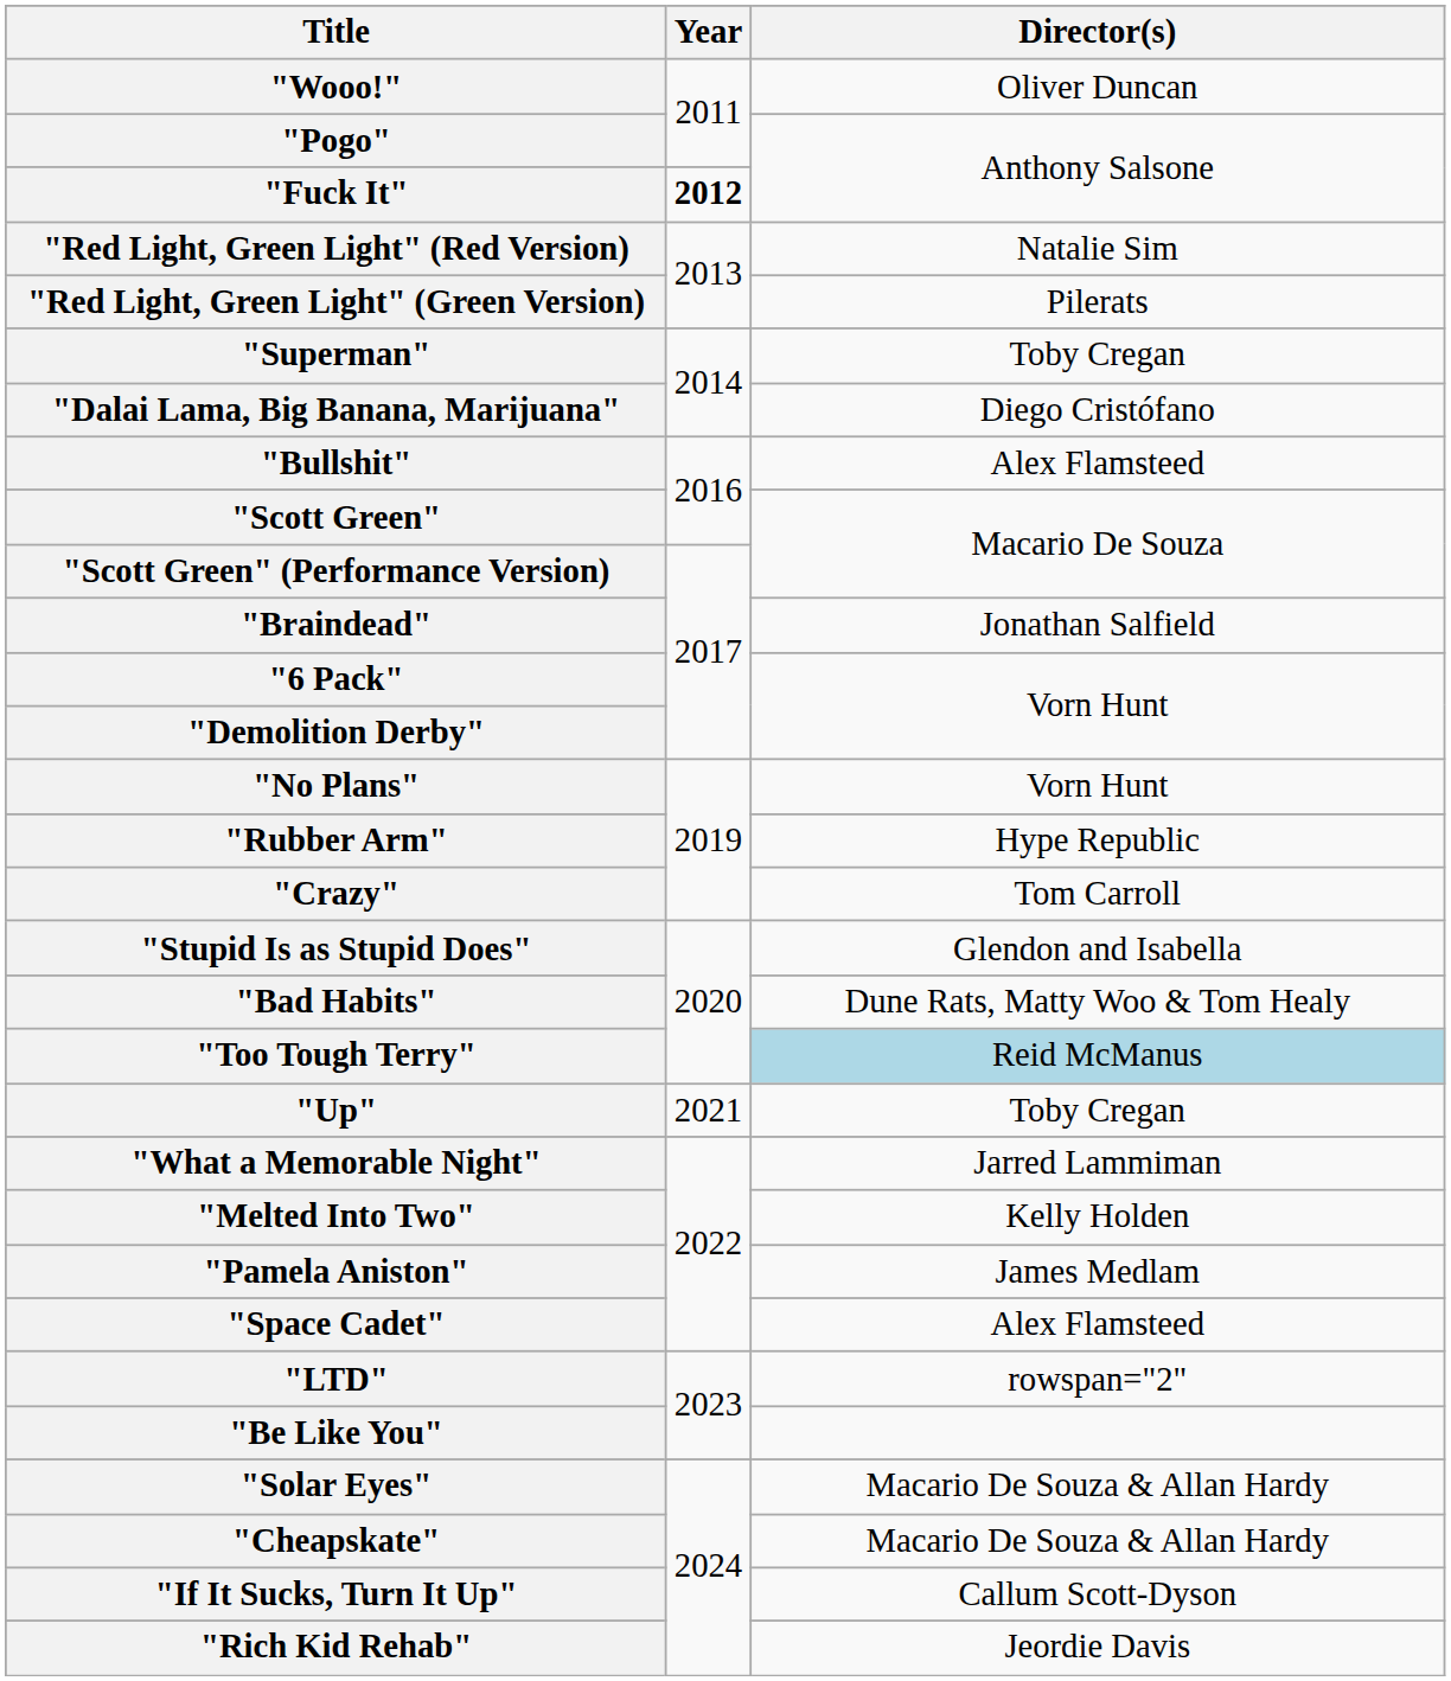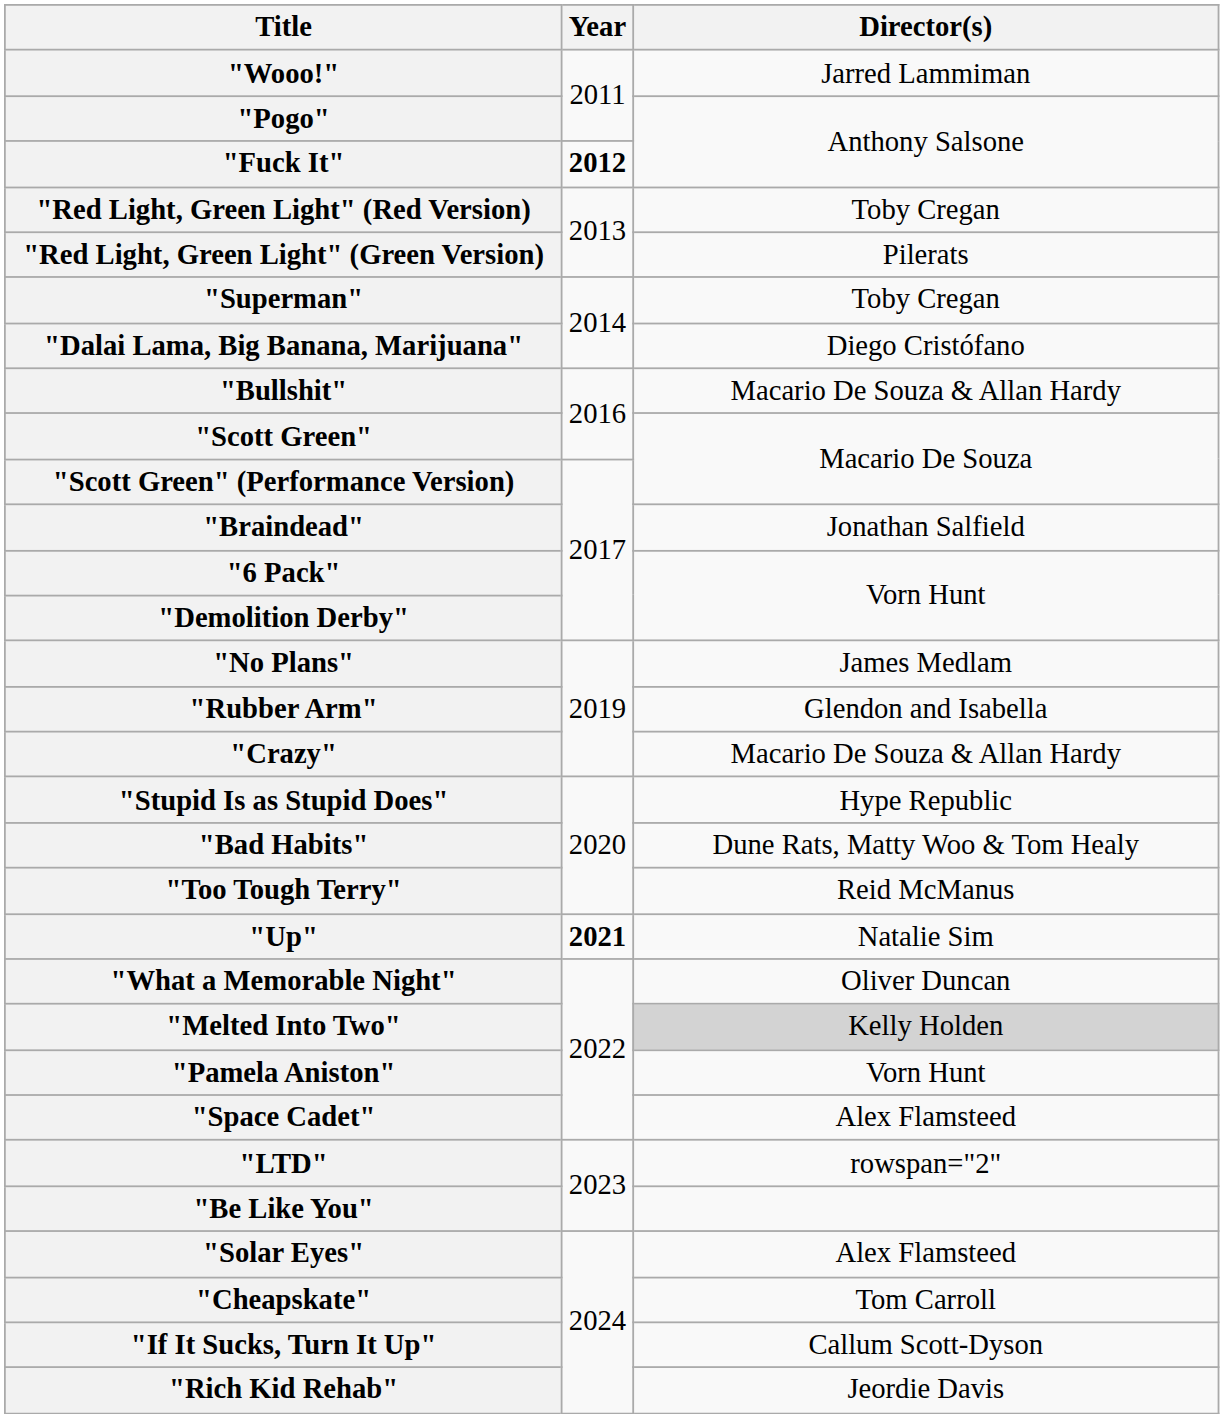 <table class="wikitable plainrowheaders" style="text-align:center;">
 <tr>
 <th scope="col" style="width:19em;">Title</th>
 <th scope="col" style="width:1em;">Year</th>
 <th scope="col" style="width:20em;">Director(s)</th>
 </tr>
 <tr>
 <th scope="row">"Wooo!"</th>
 <td rowspan="2">2011</td>
-<td>Oliver Duncan</td>
+<td>Jarred Lammiman</td>
 </tr>
 <tr>
 <th scope="row">"Pogo"</th>
 <td rowspan="2">Anthony Salsone</td>
 </tr>
 <tr>
 <th scope="row">"Fuck It"</th>
 <td><strong>2012</strong></td>
 </tr>
 <tr>
 <th scope="row">"Red Light, Green Light" (Red Version)</th>
 <td rowspan="2">2013</td>
-<td>Natalie Sim</td>
+<td>Toby Cregan</td>
 </tr>
 <tr>
 <th scope="row">"Red Light, Green Light" (Green Version)</th>
 <td>Pilerats</td>
 </tr>
 <tr>
 <th scope="row">"Superman"</th>
 <td rowspan="2">2014</td>
 <td>Toby Cregan</td>
 </tr>
 <tr>
 <th scope="row">"Dalai Lama, Big Banana, Marijuana"</th>
 <td>Diego Cristófano</td>
 </tr>
 <tr>
 <th scope="row">"Bullshit"</th>
 <td rowspan="2">2016</td>
-<td>Alex Flamsteed</td>
+<td>Macario De Souza & Allan Hardy</td>
 </tr>
 <tr>
 <th scope="row">"Scott Green"</th>
 <td rowspan="2">Macario De Souza</td>
 </tr>
 <tr>
 <th scope="row">"Scott Green" (Performance Version)</th>
 <td rowspan="4">2017</td>
 </tr>
 <tr>
 <th scope="row">"Braindead"</th>
 <td>Jonathan Salfield</td>
 </tr>
 <tr>
 <th scope="row">"6 Pack"</th>
 <td rowspan="2">Vorn Hunt</td>
 </tr>
 <tr>
 <th scope="row">"Demolition Derby"</th>
 </tr>
 <tr>
 <th scope="row">"No Plans"</th>
 <td rowspan="3">2019</td>
-<td>Vorn Hunt</td>
+<td>James Medlam</td>
 </tr>
 <tr>
 <th scope="row">"Rubber Arm"</th>
-<td>Hype Republic</td>
+<td>Glendon and Isabella</td>
 </tr>
 <tr>
 <th scope="row">"Crazy"</th>
-<td>Tom Carroll</td>
+<td>Macario De Souza & Allan Hardy</td>
 </tr>
 <tr>
 <th scope="row">"Stupid Is as Stupid Does"<br></th>
 <td rowspan="3">2020</td>
-<td>Glendon and Isabella</td>
+<td>Hype Republic</td>
 </tr>
 <tr>
 <th scope="row">"Bad Habits"</th>
 <td>Dune Rats, Matty Woo & Tom Healy</td>
 </tr>
 <tr>
 <th scope="row">"Too Tough Terry"</th>
-<td style="background: lightblue;">Reid McManus</td>
+<td>Reid McManus</td>
 </tr>
 <tr>
 <th scope="row">"Up"</th>
-<td>2021</td>
-<td>Toby Cregan</td>
+<td><strong>2021</strong></td>
+<td>Natalie Sim</td>
 </tr>
 <tr>
 <th scope="row">"What a Memorable Night"</th>
 <td rowspan="4">2022</td>
-<td>Jarred Lammiman</td>
+<td>Oliver Duncan</td>
 </tr>
 <tr>
 <th scope="row">"Melted Into Two"</th>
-<td>Kelly Holden</td>
+<td style="background: lightgrey;">Kelly Holden</td>
 </tr>
 <tr>
 <th scope="row">"Pamela Aniston"</th>
-<td>James Medlam</td>
+<td>Vorn Hunt</td>
 </tr>
 <tr>
 <th scope="row">"Space Cadet"</th>
 <td>Alex Flamsteed</td>
 </tr>
 <tr>
 <th scope="row">"LTD"</th>
 <td rowspan="2">2023</td>
 <td>rowspan="2" </td>
 </tr>
 <tr>
 <th scope="row">"Be Like You"</th>
 </tr>
 <tr>
 <th scope="row">"Solar Eyes"</th>
 <td rowspan="4">2024</td>
-<td>Macario De Souza & Allan Hardy</td>
+<td>Alex Flamsteed</td>
 </tr>
 <tr>
 <th scope="row">"Cheapskate"</th>
-<td>Macario De Souza & Allan Hardy</td>
+<td>Tom Carroll</td>
 </tr>
 <tr>
 <th scope="row">"If It Sucks, Turn It Up"</th>
 <td>Callum Scott-Dyson</td>
 </tr>
 <tr>
 <th scope="row">"Rich Kid Rehab"</th>
 <td>Jeordie Davis</td>
 </tr>
 </table>
